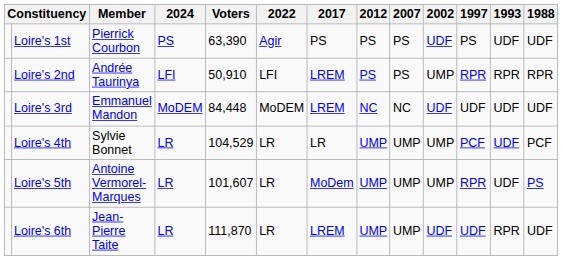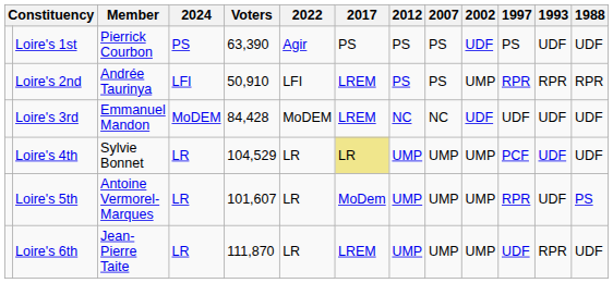 <table class="wikitable sortable">
 <tr>
 <th colspan="2">Constituency</th>
 <th>Member</th>
 <th>2024</th>
 <th>Voters</th>
 <th>2022</th>
 <th>2017</th>
 <th>2012</th>
 <th>2007</th>
 <th>2002</th>
 <th>1997</th>
 <th>1993</th>
 <th>1988</th>
 </tr>
 <tr>
 <td style="background-color: "></td>
 <td><a href='#'>Loire's 1st</a></td>
 <td><a href='#'>Pierrick Courbon</a></td>
 <td><a href='#'>PS</a></td>
 <td>63,390</td>
 <td><a href='#'>Agir</a></td>
 <td>PS</td>
 <td>PS</td>
 <td>PS</td>
 <td><a href='#'>UDF</a></td>
 <td>PS</td>
 <td>UDF</td>
 <td>UDF</td>
 </tr>
 <tr>
 <td style="background-color: "></td>
 <td><a href='#'>Loire's 2nd</a></td>
 <td><a href='#'>Andrée Taurinya</a></td>
 <td><a href='#'>LFI</a></td>
 <td>50,910</td>
 <td>LFI</td>
 <td><a href='#'>LREM</a></td>
 <td><a href='#'>PS</a></td>
 <td>PS</td>
 <td>UMP</td>
 <td><a href='#'>RPR</a></td>
 <td>RPR</td>
 <td>RPR</td>
 </tr>
 <tr>
 <td style="background-color: "></td>
 <td><a href='#'>Loire's 3rd</a></td>
 <td><a href='#'>Emmanuel Mandon</a></td>
 <td><a href='#'>MoDEM</a></td>
-<td>84,448</td>
+<td>84,428</td>
 <td>MoDEM</td>
 <td><a href='#'>LREM</a></td>
 <td><a href='#'>NC</a></td>
 <td>NC</td>
 <td><a href='#'>UDF</a></td>
 <td>UDF</td>
 <td>UDF</td>
 <td>UDF</td>
 </tr>
 <tr>
 <td style="background-color: "></td>
 <td><a href='#'>Loire's 4th</a></td>
 <td>Sylvie Bonnet</td>
 <td><a href='#'>LR</a></td>
 <td>104,529</td>
 <td>LR</td>
-<td>LR</td>
+<td style="background: khaki;">LR</td>
 <td><a href='#'>UMP</a></td>
 <td>UMP</td>
 <td>UMP</td>
 <td><a href='#'>PCF</a></td>
 <td><a href='#'>UDF</a></td>
-<td>PCF</td>
+<td>UDF</td>
 </tr>
 <tr>
 <td style="background-color: "></td>
 <td><a href='#'>Loire's 5th</a></td>
 <td><a href='#'>Antoine Vermorel-Marques</a></td>
 <td><a href='#'>LR</a></td>
 <td>101,607</td>
 <td>LR</td>
 <td><a href='#'>MoDem</a></td>
 <td><a href='#'>UMP</a></td>
 <td>UMP</td>
 <td>UMP</td>
 <td><a href='#'>RPR</a></td>
 <td>UDF</td>
 <td><a href='#'>PS</a></td>
 </tr>
 <tr>
 <td style="background-color: "></td>
 <td><a href='#'>Loire's 6th</a></td>
 <td><a href='#'>Jean-Pierre Taite</a></td>
 <td><a href='#'>LR</a></td>
 <td>111,870</td>
 <td>LR</td>
 <td><a href='#'>LREM</a></td>
 <td><a href='#'>UMP</a></td>
 <td>UMP</td>
-<td><a href='#'>UDF</a></td>
+<td>UMP</td>
 <td><a href='#'>UDF</a></td>
 <td>RPR</td>
 <td>UDF</td>
 </tr>
 </table>
